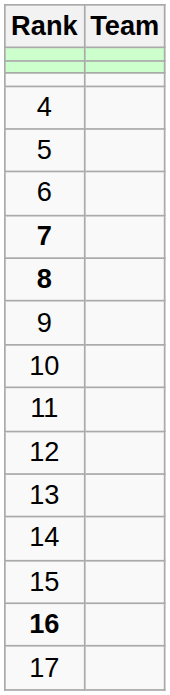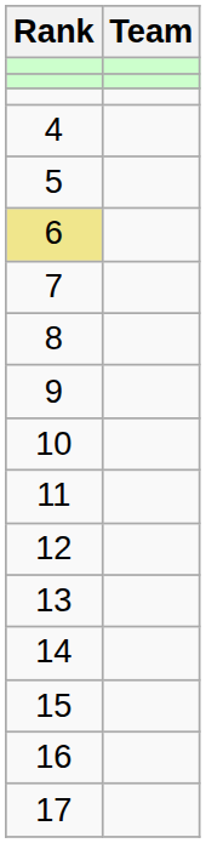 <table class=wikitable style="text-align:center;">
 <tr>
 <th>Rank</th>
 <th>Team</th>
 </tr>
 <tr bgcolor=#ccffcc>
 <td></td>
 <td align=left></td>
 </tr>
 <tr bgcolor=#ccffcc>
 <td></td>
 <td align=left></td>
 </tr>
 <tr>
 <td></td>
 <td align=left></td>
 </tr>
 <tr>
 <td>4</td>
 <td align=left></td>
 </tr>
 <tr>
 <td>5</td>
 <td align=left></td>
 </tr>
 <tr>
-<td>6</td>
+<td style="background: khaki;">6</td>
 <td align=left></td>
 </tr>
 <tr>
-<td><strong>7</strong></td>
+<td>7</td>
 <td align=left></td>
 </tr>
 <tr>
-<td><strong>8</strong></td>
+<td>8</td>
 <td align=left></td>
 </tr>
 <tr>
 <td>9</td>
 <td align=left></td>
 </tr>
 <tr>
 <td>10</td>
 <td align=left></td>
 </tr>
 <tr>
 <td>11</td>
 <td align=left></td>
 </tr>
 <tr>
 <td>12</td>
 <td align=left></td>
 </tr>
 <tr>
 <td>13</td>
 <td align=left></td>
 </tr>
 <tr>
 <td>14</td>
 <td align=left></td>
 </tr>
 <tr>
 <td>15</td>
 <td align=left></td>
 </tr>
 <tr>
-<td><strong>16</strong></td>
+<td>16</td>
 <td align=left></td>
 </tr>
 <tr>
 <td>17</td>
 <td align=left></td>
 </tr>
 </table>
